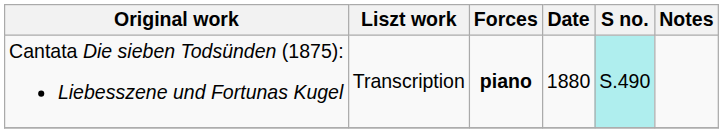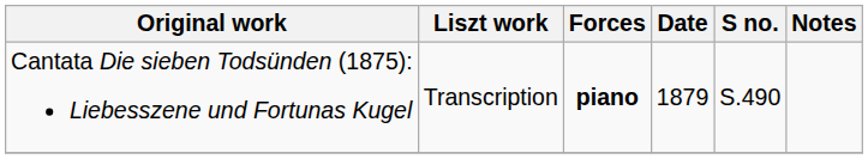 <table class="wikitable">
 <tr>
 <th>Original work</th>
 <th>Liszt work</th>
 <th>Forces</th>
 <th>Date</th>
 <th>S no.</th>
 <th>Notes</th>
 </tr>
 <tr>
 <td>Cantata <em>Die sieben Todsünden</em> (1875):<br><ul><li><em>Liebesszene und Fortunas Kugel</em></li></ul></td>
 <td>Transcription</td>
 <td style="text-align: center"><strong>piano</strong></td>
-<td>1880</td>
-<td style="background: paleturquoise;">S.490</td>
+<td>1879</td>
+<td>S.490</td>
 <td></td>
 </tr>
 <tr>
 </tr>
 </table>
